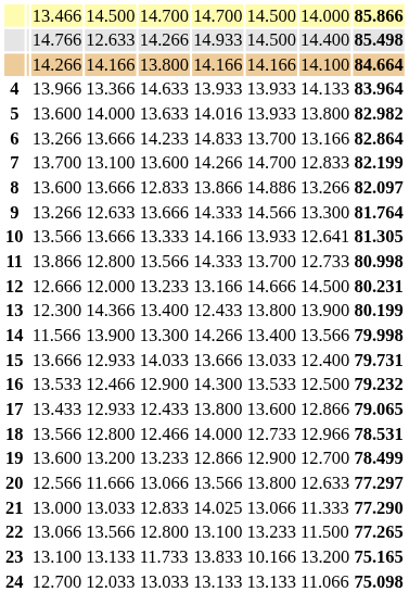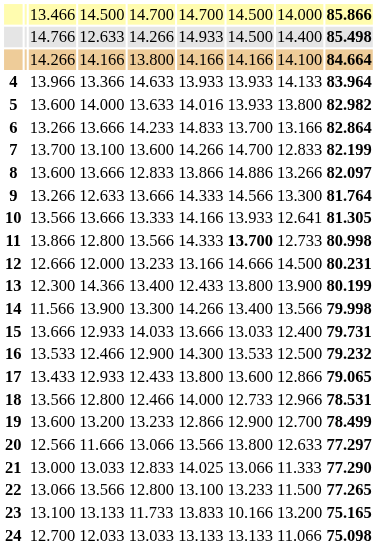 <table>
 <tr style="background:#fffcaf">
 <th scope=row></th>
 <td align=left></td>
 <td>13.466</td>
 <td>14.500</td>
 <td>14.700</td>
 <td>14.700</td>
 <td>14.500</td>
 <td>14.000</td>
 <td><strong>85.866</strong></td>
 </tr>
 <tr style="background:#e5e5e5">
 <th scope=row></th>
 <td align=left></td>
 <td>14.766</td>
 <td>12.633</td>
 <td>14.266</td>
 <td>14.933</td>
 <td>14.500</td>
 <td>14.400</td>
 <td><strong>85.498</strong></td>
 </tr>
 <tr style="background:#ec9">
 <th scope=row></th>
 <td align=left></td>
 <td>14.266</td>
 <td>14.166</td>
 <td>13.800</td>
 <td>14.166</td>
 <td>14.166</td>
 <td>14.100</td>
 <td><strong>84.664</strong></td>
 </tr>
 <tr>
 <th scope=row>4</th>
 <td align=left></td>
 <td>13.966</td>
 <td>13.366</td>
 <td>14.633</td>
 <td>13.933</td>
 <td>13.933</td>
 <td>14.133</td>
 <td><strong>83.964</strong></td>
 </tr>
 <tr>
 <th scope=row>5</th>
 <td align=left></td>
 <td>13.600</td>
 <td>14.000</td>
 <td>13.633</td>
 <td>14.016</td>
 <td>13.933</td>
 <td>13.800</td>
 <td><strong>82.982</strong></td>
 </tr>
 <tr>
 <th scope=row>6</th>
 <td align=left></td>
 <td>13.266</td>
 <td>13.666</td>
 <td>14.233</td>
 <td>14.833</td>
 <td>13.700</td>
 <td>13.166</td>
 <td><strong>82.864</strong></td>
 </tr>
 <tr>
 <th scope=row>7</th>
 <td align=left></td>
 <td>13.700</td>
 <td>13.100</td>
 <td>13.600</td>
 <td>14.266</td>
 <td>14.700</td>
 <td>12.833</td>
 <td><strong>82.199</strong></td>
 </tr>
 <tr>
 <th scope=row>8</th>
 <td align=left></td>
 <td>13.600</td>
 <td>13.666</td>
 <td>12.833</td>
 <td>13.866</td>
 <td>14.886</td>
 <td>13.266</td>
 <td><strong>82.097</strong></td>
 </tr>
 <tr>
 <th scope=row>9</th>
 <td align=left></td>
 <td>13.266</td>
 <td>12.633</td>
 <td>13.666</td>
 <td>14.333</td>
 <td>14.566</td>
 <td>13.300</td>
 <td><strong>81.764</strong></td>
 </tr>
 <tr>
 <th scope=row>10</th>
 <td align=left></td>
 <td>13.566</td>
 <td>13.666</td>
 <td>13.333</td>
 <td>14.166</td>
 <td>13.933</td>
 <td>12.641</td>
 <td><strong>81.305</strong></td>
 </tr>
 <tr>
 <th scope=row>11</th>
 <td align=left></td>
 <td>13.866</td>
 <td>12.800</td>
 <td>13.566</td>
 <td>14.333</td>
-<td>13.700</td>
+<td><strong>13.700</strong></td>
 <td>12.733</td>
 <td><strong>80.998</strong></td>
 </tr>
 <tr>
 <th scope=row>12</th>
 <td align=left></td>
 <td>12.666</td>
 <td>12.000</td>
 <td>13.233</td>
 <td>13.166</td>
 <td>14.666</td>
 <td>14.500</td>
 <td><strong>80.231</strong></td>
 </tr>
 <tr>
 <th scope=row>13</th>
 <td align=left></td>
 <td>12.300</td>
 <td>14.366</td>
 <td>13.400</td>
 <td>12.433</td>
 <td>13.800</td>
 <td>13.900</td>
 <td><strong>80.199</strong></td>
 </tr>
 <tr>
 <th scope=row>14</th>
 <td align=left></td>
 <td>11.566</td>
 <td>13.900</td>
 <td>13.300</td>
 <td>14.266</td>
 <td>13.400</td>
 <td>13.566</td>
 <td><strong>79.998</strong></td>
 </tr>
 <tr>
 <th scope=row>15</th>
 <td align=left></td>
 <td>13.666</td>
 <td>12.933</td>
 <td>14.033</td>
 <td>13.666</td>
 <td>13.033</td>
 <td>12.400</td>
 <td><strong>79.731</strong></td>
 </tr>
 <tr>
 <th scope=row>16</th>
 <td align=left></td>
 <td>13.533</td>
 <td>12.466</td>
 <td>12.900</td>
 <td>14.300</td>
 <td>13.533</td>
 <td>12.500</td>
 <td><strong>79.232</strong></td>
 </tr>
 <tr>
 <th scope=row>17</th>
 <td align=left></td>
 <td>13.433</td>
 <td>12.933</td>
 <td>12.433</td>
 <td>13.800</td>
 <td>13.600</td>
 <td>12.866</td>
 <td><strong>79.065</strong></td>
 </tr>
 <tr>
 <th scope=row>18</th>
 <td align=left></td>
 <td>13.566</td>
 <td>12.800</td>
 <td>12.466</td>
 <td>14.000</td>
 <td>12.733</td>
 <td>12.966</td>
 <td><strong>78.531</strong></td>
 </tr>
 <tr>
 <th scope=row>19</th>
 <td align=left></td>
 <td>13.600</td>
 <td>13.200</td>
 <td>13.233</td>
 <td>12.866</td>
 <td>12.900</td>
 <td>12.700</td>
 <td><strong>78.499</strong></td>
 </tr>
 <tr>
 <th scope=row>20</th>
 <td align=left></td>
 <td>12.566</td>
 <td>11.666</td>
 <td>13.066</td>
 <td>13.566</td>
 <td>13.800</td>
 <td>12.633</td>
 <td><strong>77.297</strong></td>
 </tr>
 <tr>
 <th scope=row>21</th>
 <td align=left></td>
 <td>13.000</td>
 <td>13.033</td>
 <td>12.833</td>
 <td>14.025</td>
 <td>13.066</td>
 <td>11.333</td>
 <td><strong>77.290</strong></td>
 </tr>
 <tr>
 <th scope=row>22</th>
 <td align=left></td>
 <td>13.066</td>
 <td>13.566</td>
 <td>12.800</td>
 <td>13.100</td>
 <td>13.233</td>
 <td>11.500</td>
 <td><strong>77.265</strong></td>
 </tr>
 <tr>
 <th scope=row>23</th>
 <td align=left></td>
 <td>13.100</td>
 <td>13.133</td>
 <td>11.733</td>
 <td>13.833</td>
 <td>10.166</td>
 <td>13.200</td>
 <td><strong>75.165</strong></td>
 </tr>
 <tr>
 <th scope=row>24</th>
 <td align=left></td>
 <td>12.700</td>
 <td>12.033</td>
 <td>13.033</td>
 <td>13.133</td>
 <td>13.133</td>
 <td>11.066</td>
 <td><strong>75.098</strong></td>
 </tr>
 </table>
